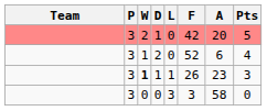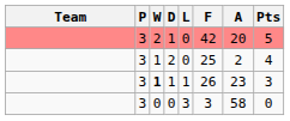 <table class="wikitable" style="text-align:center;">
 <tr>
 <th width="120px">Team</th>
 <th>P</th>
 <th>W</th>
 <th>D</th>
 <th>L</th>
 <th width="23px">F</th>
 <th width="23px">A</th>
 <th width="23px">Pts</th>
 </tr>
 <tr bgcolor="#FF8888">
 <td></td>
 <td>3</td>
 <td>2</td>
 <td>1</td>
 <td>0</td>
 <td>42</td>
 <td>20</td>
 <td>5</td>
 </tr>
 <tr>
 <td></td>
 <td>3</td>
 <td>1</td>
 <td>2</td>
 <td>0</td>
-<td>52</td>
-<td>6</td>
+<td>25</td>
+<td>2</td>
 <td>4</td>
 </tr>
 <tr>
 <td></td>
 <td>3</td>
 <td><strong>1</strong></td>
 <td>1</td>
 <td>1</td>
 <td>26</td>
 <td>23</td>
 <td>3</td>
 </tr>
 <tr>
 <td></td>
 <td>3</td>
 <td>0</td>
 <td>0</td>
 <td>3</td>
 <td>3</td>
 <td>58</td>
 <td>0</td>
 </tr>
 </table>
